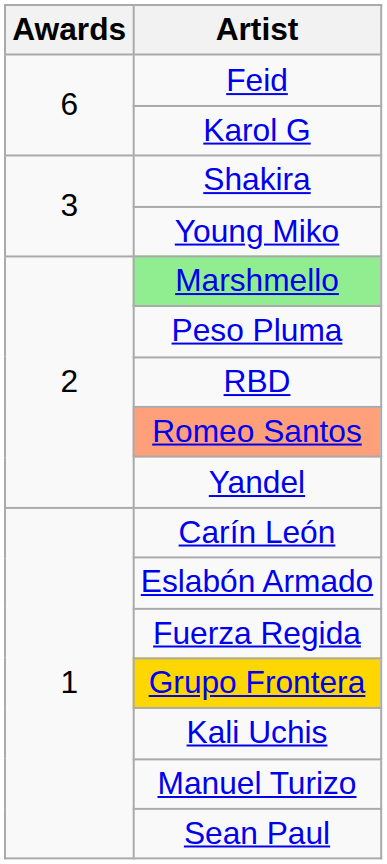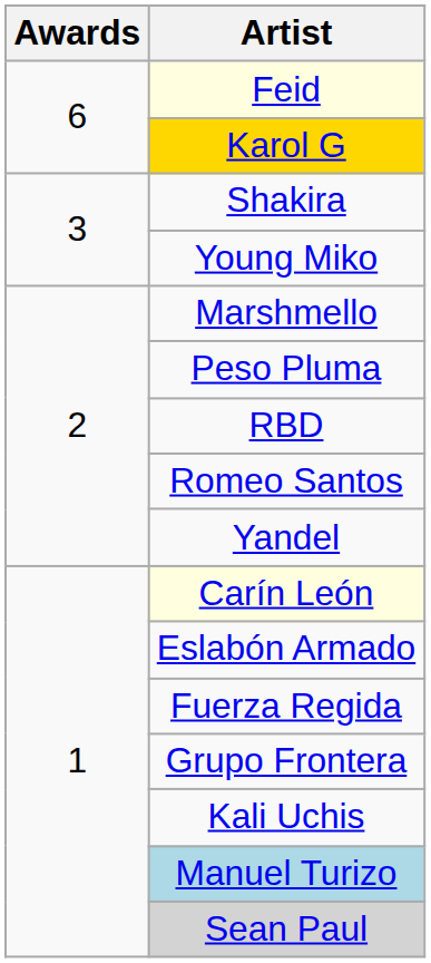 <table class="wikitable" rowspan="2" style="text-align:center;">
 <tr>
 <th scope="col">Awards</th>
 <th scope="col">Artist</th>
 </tr>
 <tr>
 <td rowspan="2">6</td>
-<td><a href='#'>Feid</a></td>
+<td style="background: lightyellow;"><a href='#'>Feid</a></td>
 </tr>
 <tr>
-<td><a href='#'>Karol G</a></td>
+<td style="background: gold;"><a href='#'>Karol G</a></td>
 </tr>
 <tr>
 <td rowspan="2">3</td>
 <td><a href='#'>Shakira</a></td>
 </tr>
 <tr>
 <td><a href='#'>Young Miko</a></td>
 </tr>
 <tr>
 <td rowspan="5">2</td>
-<td style="background: lightgreen;"><a href='#'>Marshmello</a></td>
+<td><a href='#'>Marshmello</a></td>
 </tr>
 <tr>
 <td><a href='#'>Peso Pluma</a></td>
 </tr>
 <tr>
 <td><a href='#'>RBD</a></td>
 </tr>
 <tr>
-<td style="background: lightsalmon;"><a href='#'>Romeo Santos</a></td>
+<td><a href='#'>Romeo Santos</a></td>
 </tr>
 <tr>
 <td><a href='#'>Yandel</a></td>
 </tr>
 <tr>
 <td rowspan="7">1</td>
-<td><a href='#'>Carín León</a></td>
+<td style="background: lightyellow;"><a href='#'>Carín León</a></td>
 </tr>
 <tr>
 <td><a href='#'>Eslabón Armado</a></td>
 </tr>
 <tr>
 <td><a href='#'>Fuerza Regida</a></td>
 </tr>
 <tr>
-<td style="background: gold;"><a href='#'>Grupo Frontera</a></td>
+<td><a href='#'>Grupo Frontera</a></td>
 </tr>
 <tr>
 <td><a href='#'>Kali Uchis</a></td>
 </tr>
 <tr>
-<td><a href='#'>Manuel Turizo</a></td>
+<td style="background: lightblue;"><a href='#'>Manuel Turizo</a></td>
 </tr>
 <tr>
-<td><a href='#'>Sean Paul</a></td>
+<td style="background: lightgrey;"><a href='#'>Sean Paul</a></td>
 </tr>
 </table>
